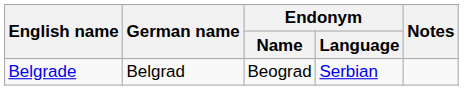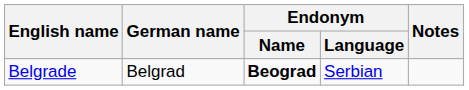 <table class="wikitable sortable mw-collapsible">
 <tr>
 <th rowspan="2">English name</th>
 <th rowspan="2">German name</th>
 <th colspan="2">Endonym</th>
 <th rowspan="2">Notes</th>
 </tr>
 <tr>
 <th>Name</th>
 <th>Language</th>
 </tr>
 <tr>
 <td><a href='#'>Belgrade</a></td>
 <td>Belgrad</td>
-<td>Beograd</td>
+<td><strong>Beograd</strong></td>
 <td><a href='#'>Serbian</a></td>
 <td></td>
 </tr>
 </table>
